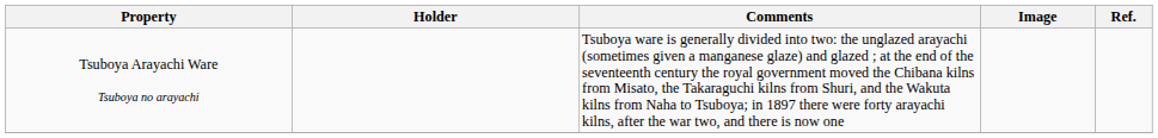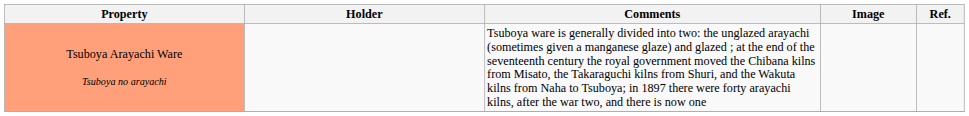 <table class="wikitable sortable"  style="width:100%;">
 <tr>
 <th width="25%" align="left">Property</th>
 <th width="25%" align="left">Holder</th>
 <th width="35%" align="left" class="unsortable">Comments</th>
 <th width="10%" align="left" class="unsortable">Image</th>
 <th width="5%" align="left" class="unsortable">Ref.</th>
 </tr>
 <tr>
-<td align="center">Tsuboya Arayachi Ware<br><br><small><em>Tsuboya no arayachi</em></small></td>
+<td align="center" style="background: lightsalmon;">Tsuboya Arayachi Ware<br><br><small><em>Tsuboya no arayachi</em></small></td>
 <td></td>
 <td>Tsuboya ware is generally divided into two: the unglazed arayachi (sometimes given a manganese glaze) and glazed ; at the end of the seventeenth century the royal government moved the Chibana kilns from Misato, the Takaraguchi kilns from Shuri, and the Wakuta kilns from Naha to Tsuboya; in 1897 there were forty arayachi kilns, after the war two, and there is now one</td>
 <td></td>
 <td></td>
 </tr>
 <tr>
 </tr>
 </table>
